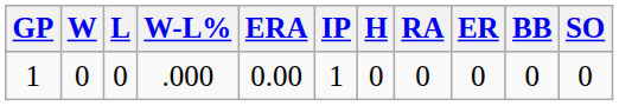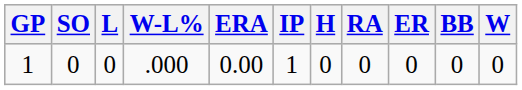 <table class="wikitable">
 <tr>
 <th><a href='#'>GP</a></th>
-<th><a href='#'>W</a></th>
+<th><a href='#'>SO</a></th>
 <th><a href='#'>L</a></th>
 <th><a href='#'>W-L%</a></th>
 <th><a href='#'>ERA</a></th>
 <th><a href='#'>IP</a></th>
 <th><a href='#'>H</a></th>
 <th><a href='#'>RA</a></th>
 <th><a href='#'>ER</a></th>
 <th><a href='#'>BB</a></th>
-<th><a href='#'>SO</a></th>
+<th><a href='#'>W</a></th>
 </tr>
 <tr align=center>
 <td>1</td>
 <td>0</td>
 <td>0</td>
 <td>.000</td>
 <td>0.00</td>
 <td>1</td>
 <td>0</td>
 <td>0</td>
 <td>0</td>
 <td>0</td>
 <td>0</td>
 </tr>
 </table>
